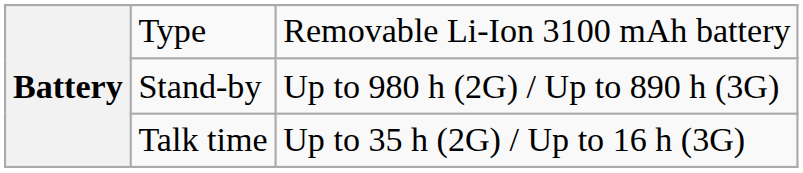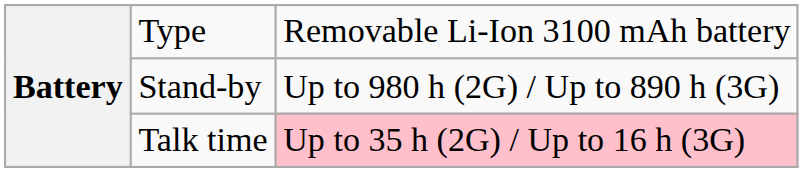 <table class="wikitable">
 <tr>
 <th rowspan="7">Battery</th>
 <td>Type</td>
 <td>Removable Li-Ion 3100 mAh battery</td>
 </tr>
 <tr>
 <td>Stand-by</td>
 <td>Up to 980 h (2G) / Up to 890 h (3G)</td>
 </tr>
 <tr>
 <td>Talk time</td>
-<td>Up to 35 h (2G) / Up to 16 h (3G)</td>
+<td style="background: pink;">Up to 35 h (2G) / Up to 16 h (3G)</td>
 </tr>
 </table>
